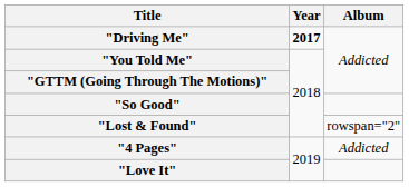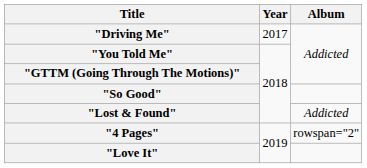 <table class="wikitable plainrowheaders" style="text-align:center;" border="1">
 <tr>
 <th rowspan="2" scope="col" style="width:20em;">Title</th>
 <th rowspan="2" scope="col">Year</th>
 <th rowspan="2" scope="col">Album</th>
 </tr>
 <tr>
 </tr>
 <tr>
 <th scope="row">"Driving Me"</th>
-<td><strong>2017</strong></td>
+<td>2017</td>
 <td rowspan="3"><em>Addicted</em></td>
 </tr>
 <tr>
 <th scope="row">"You Told Me"</th>
 <td rowspan="4">2018</td>
 </tr>
 <tr>
 <th scope="row">"GTTM (Going Through The Motions)"</th>
 </tr>
 <tr>
 <th scope="row">"So Good"</th>
 <td></td>
 </tr>
 <tr>
 <th scope="row">"Lost & Found"</th>
-<td>rowspan="2" </td>
+<td><em>Addicted</em></td>
 </tr>
 <tr>
 <th scope="row">"4 Pages"</th>
 <td rowspan="2">2019</td>
-<td><em>Addicted</em></td>
+<td>rowspan="2" </td>
 </tr>
 <tr>
 <th scope="row">"Love It"</th>
 </tr>
 </table>
